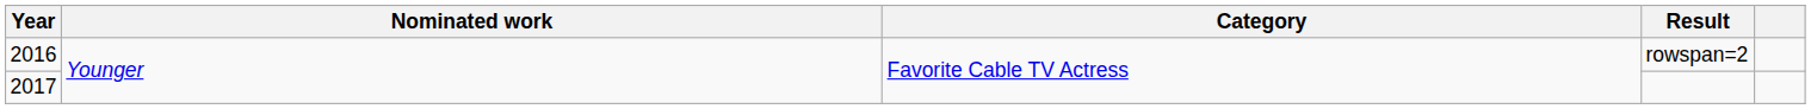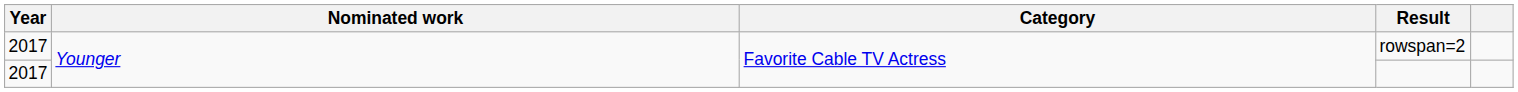 <table class="wikitable sortable">
 <tr>
 <th scope="col" style="width:1em;">Year</th>
 <th scope="col" style="width:39em;">Nominated work</th>
 <th scope="col" style="width:36em;">Category</th>
 <th scope="col" style="width:5em;">Result</th>
 <th scope="col" style="width:2em;" class="unsortable"></th>
 </tr>
 <tr>
-<td>2016</td>
+<td>2017</td>
 <td rowspan=2><em><a href='#'>Younger</a></em></td>
 <td rowspan=2><a href='#'>Favorite Cable TV Actress</a></td>
 <td>rowspan=2 </td>
 <td style="text-align:center;"></td>
 </tr>
 <tr>
 <td>2017</td>
 <td style="text-align:center;"></td>
 </tr>
 </table>
